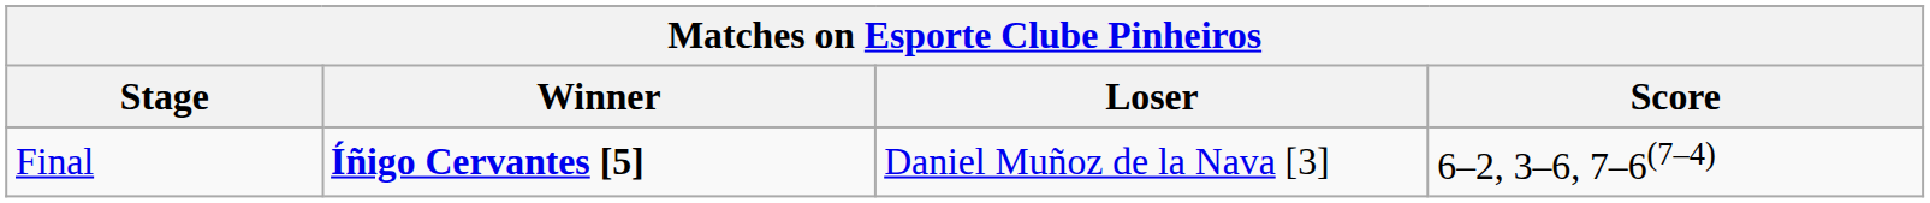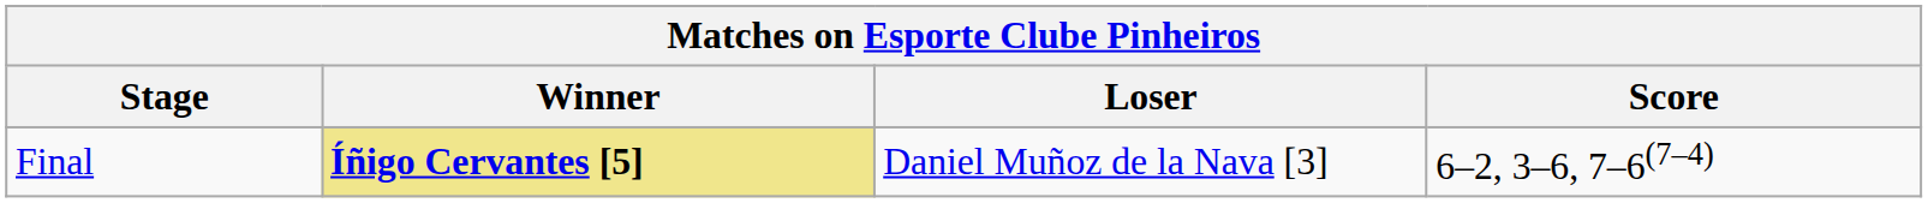 <table class="wikitable collapsible uncollapsed" border=1 style="margin: 1em auto;">
 <tr>
 <th colspan=4><strong>Matches on <a href='#'>Esporte Clube Pinheiros</a></strong></th>
 </tr>
 <tr>
 <th width=125>Stage</th>
 <th width=225>Winner</th>
 <th width=225>Loser</th>
 <th width=200>Score</th>
 </tr>
 <tr>
 <td><a href='#'>Final</a></td>
-<td><strong> <a href='#'>Íñigo Cervantes</a> [5]</strong></td>
+<td style="background: khaki;"><strong> <a href='#'>Íñigo Cervantes</a> [5]</strong></td>
 <td> <a href='#'>Daniel Muñoz de la Nava</a> [3]</td>
 <td>6–2, 3–6, 7–6<sup>(7–4)</sup></td>
 </tr>
 </table>
